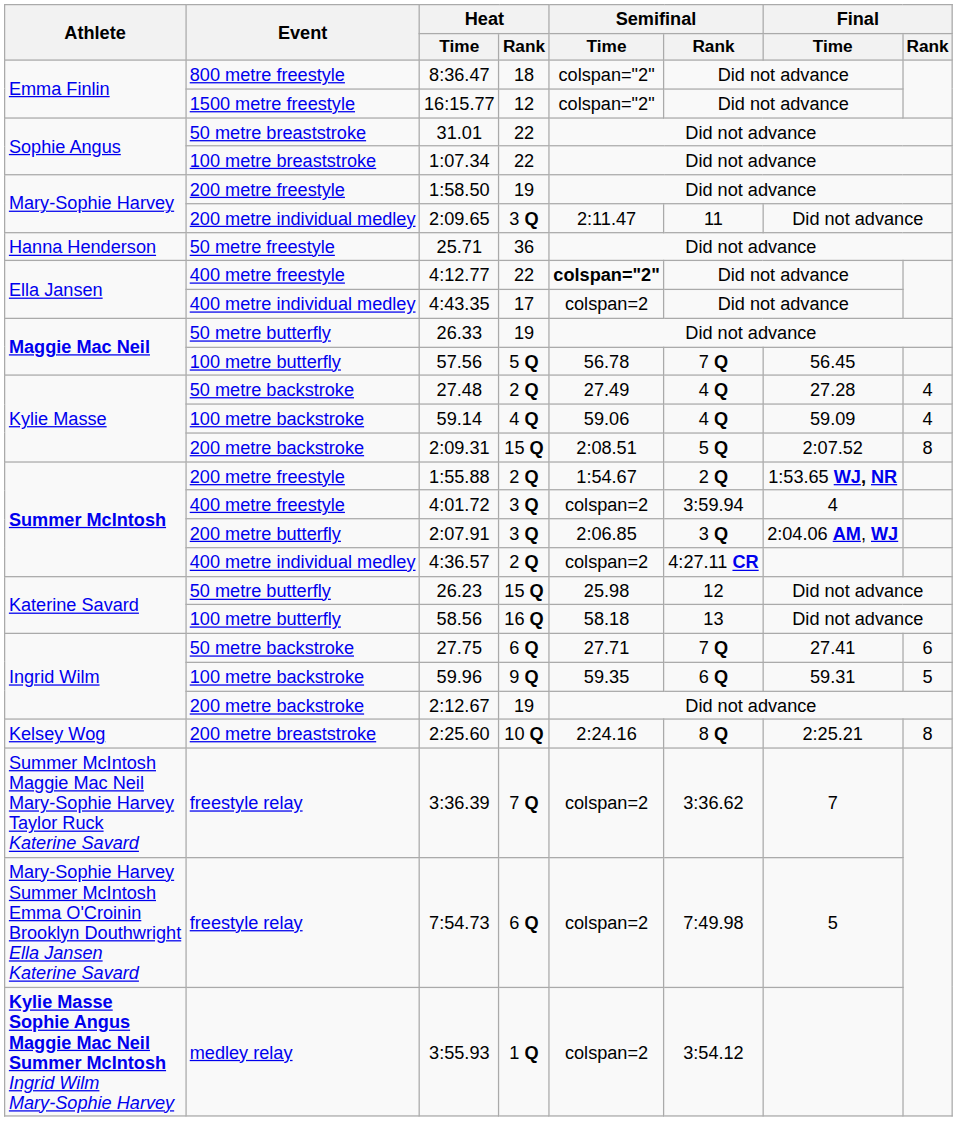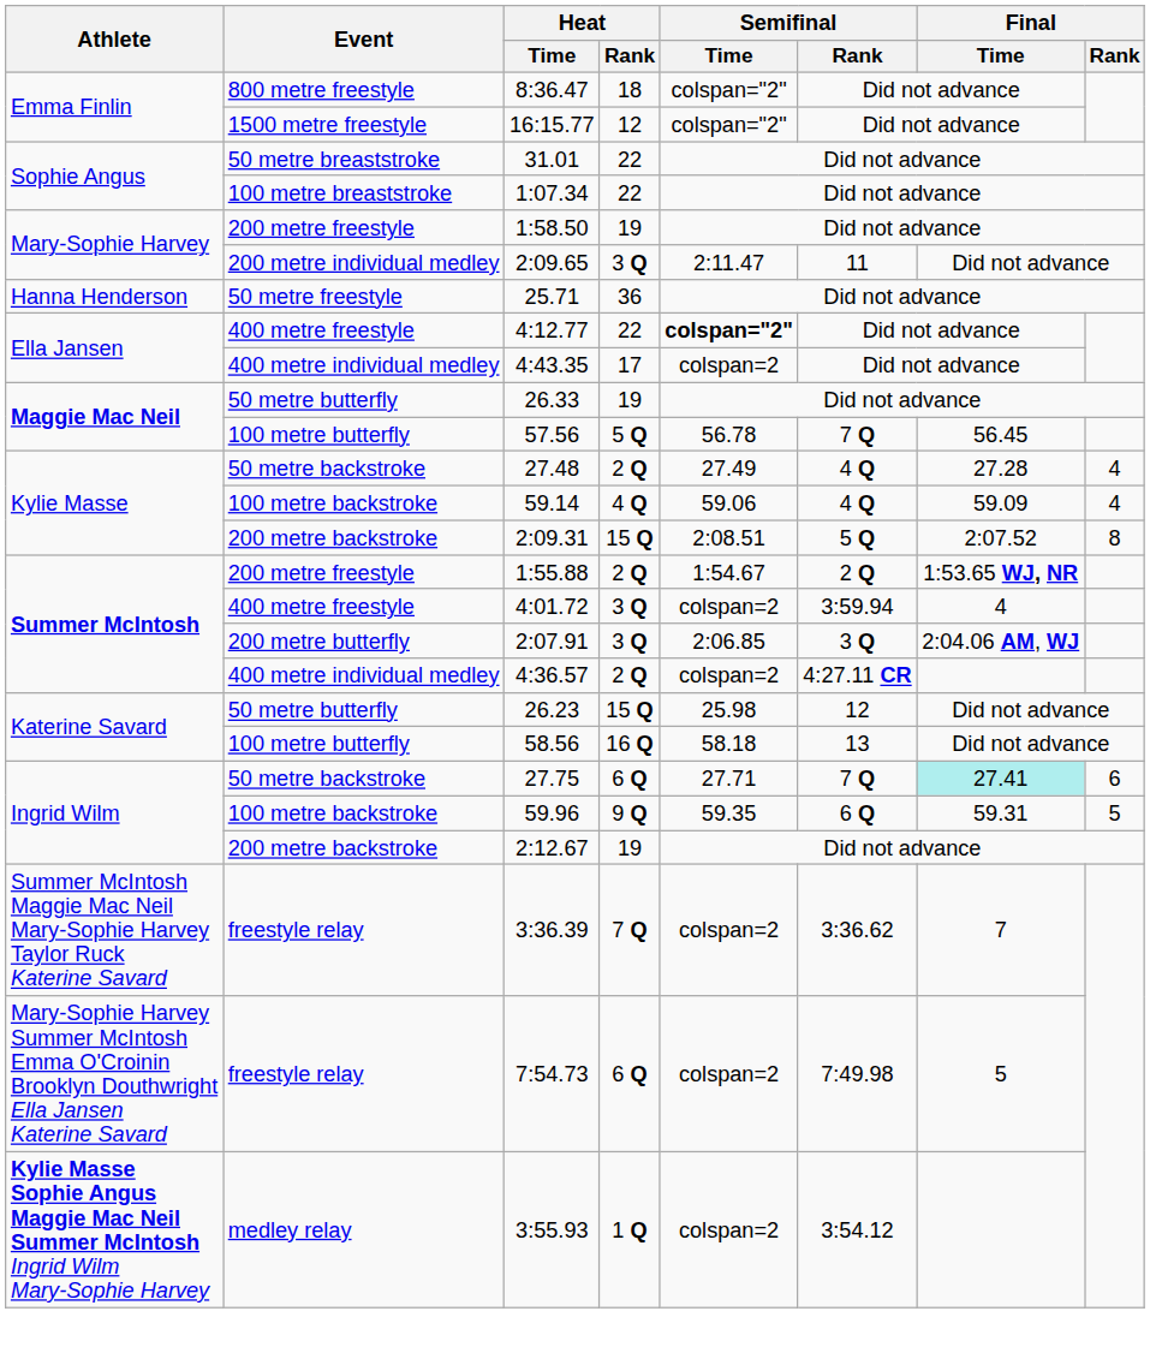 <table class="wikitable" style="text-align:center; font-size:90%">
 <tr>
 <th rowspan="2">Athlete</th>
 <th rowspan="2">Event</th>
 <th colspan="2">Heat</th>
 <th colspan="2">Semifinal</th>
 <th colspan="2">Final</th>
 </tr>
 <tr style="font-size:95%">
 <th>Time</th>
 <th>Rank</th>
 <th>Time</th>
 <th>Rank</th>
 <th>Time</th>
 <th>Rank</th>
 </tr>
 <tr>
 <td align=left rowspan=2><a href='#'>Emma Finlin</a></td>
 <td align=left><a href='#'>800 metre freestyle</a></td>
 <td>8:36.47</td>
 <td>18</td>
 <td>colspan="2" </td>
 <td colspan="2">Did not advance</td>
 </tr>
 <tr>
 <td align=left><a href='#'>1500 metre freestyle</a></td>
 <td>16:15.77</td>
 <td>12</td>
 <td>colspan="2" </td>
 <td colspan="2">Did not advance</td>
 </tr>
 <tr>
 <td rowspan="2" align="left"><a href='#'>Sophie Angus</a></td>
 <td align=left><a href='#'>50 metre breaststroke</a></td>
 <td>31.01</td>
 <td>22</td>
 <td colspan=4>Did not advance</td>
 </tr>
 <tr>
 <td align=left><a href='#'>100 metre breaststroke</a></td>
 <td>1:07.34</td>
 <td>22</td>
 <td colspan="4">Did not advance</td>
 </tr>
 <tr>
 <td align=left rowspan="2"><a href='#'>Mary-Sophie Harvey</a></td>
 <td align=left><a href='#'>200 metre freestyle</a></td>
 <td>1:58.50</td>
 <td>19</td>
 <td colspan=4>Did not advance</td>
 </tr>
 <tr>
 <td align=left><a href='#'>200 metre individual medley</a></td>
 <td>2:09.65</td>
 <td>3 <strong>Q</strong></td>
 <td>2:11.47</td>
 <td>11</td>
 <td colspan="2">Did not advance</td>
 </tr>
 <tr>
 <td align=left><a href='#'>Hanna Henderson</a></td>
 <td align=left><a href='#'>50 metre freestyle</a></td>
 <td>25.71</td>
 <td>36</td>
 <td colspan=4>Did not advance</td>
 </tr>
 <tr>
 <td align=left rowspan=2><a href='#'>Ella Jansen</a></td>
 <td align=left><a href='#'>400 metre freestyle</a></td>
 <td>4:12.77</td>
 <td>22</td>
 <td><strong>colspan="2" </strong></td>
 <td colspan="2">Did not advance</td>
 </tr>
 <tr>
 <td align=left><a href='#'>400 metre individual medley</a></td>
 <td>4:43.35</td>
 <td>17</td>
 <td>colspan=2 </td>
 <td colspan=2>Did not advance</td>
 </tr>
 <tr>
 <td align=left rowspan=2><strong><a href='#'>Maggie Mac Neil</a></strong></td>
 <td align=left><a href='#'>50 metre butterfly</a></td>
 <td>26.33</td>
 <td>19</td>
 <td colspan="4">Did not advance</td>
 </tr>
 <tr>
 <td align=left><a href='#'>100 metre butterfly</a></td>
 <td>57.56</td>
 <td>5 <strong>Q</strong></td>
 <td>56.78</td>
 <td>7 <strong>Q</strong></td>
 <td>56.45</td>
 <td></td>
 </tr>
 <tr>
 <td rowspan="3" align="left"><a href='#'>Kylie Masse</a></td>
 <td align=left><a href='#'>50 metre backstroke</a></td>
 <td>27.48</td>
 <td>2 <strong>Q</strong></td>
 <td>27.49</td>
 <td>4 <strong>Q</strong></td>
 <td>27.28</td>
 <td>4</td>
 </tr>
 <tr>
 <td align=left><a href='#'>100 metre backstroke</a></td>
 <td>59.14</td>
 <td>4 <strong>Q</strong></td>
 <td>59.06</td>
 <td>4 <strong>Q</strong></td>
 <td>59.09</td>
 <td>4</td>
 </tr>
 <tr>
 <td align=left><a href='#'>200 metre backstroke</a></td>
 <td>2:09.31</td>
 <td>15 <strong>Q</strong></td>
 <td>2:08.51</td>
 <td>5 <strong>Q</strong></td>
 <td>2:07.52</td>
 <td>8</td>
 </tr>
 <tr>
 <td align=left rowspan=4><strong><a href='#'>Summer McIntosh</a></strong></td>
 <td align=left><a href='#'>200 metre freestyle</a></td>
 <td>1:55.88</td>
 <td>2 <strong>Q</strong></td>
 <td>1:54.67</td>
 <td>2 <strong>Q</strong></td>
 <td>1:53.65 <strong><a href='#'>WJ</a>, <a href='#'>NR</a></strong></td>
 <td></td>
 </tr>
 <tr>
 <td align=left><a href='#'>400 metre freestyle</a></td>
 <td>4:01.72</td>
 <td>3 <strong>Q</strong></td>
 <td>colspan=2 </td>
 <td>3:59.94</td>
 <td>4</td>
 </tr>
 <tr>
 <td align=left><a href='#'>200 metre butterfly</a></td>
 <td>2:07.91</td>
 <td>3 <strong>Q</strong></td>
 <td>2:06.85</td>
 <td>3 <strong>Q</strong></td>
 <td>2:04.06 <strong><a href='#'>AM</a></strong>, <strong><a href='#'>WJ</a></strong></td>
 <td></td>
 </tr>
 <tr>
 <td align=left><a href='#'>400 metre individual medley</a></td>
 <td>4:36.57</td>
 <td>2 <strong>Q</strong></td>
 <td>colspan=2 </td>
 <td>4:27.11 <strong><a href='#'>CR</a></strong></td>
 <td></td>
 </tr>
 <tr>
 <td rowspan="2" align="left"><a href='#'>Katerine Savard</a></td>
 <td align=left><a href='#'>50 metre butterfly</a></td>
 <td>26.23</td>
 <td>15 <strong>Q</strong></td>
 <td>25.98</td>
 <td>12</td>
 <td colspan="2">Did not advance</td>
 </tr>
 <tr>
 <td align=left><a href='#'>100 metre butterfly</a></td>
 <td>58.56</td>
 <td>16 <strong>Q</strong></td>
 <td>58.18</td>
 <td>13</td>
 <td colspan="2">Did not advance</td>
 </tr>
 <tr>
 <td rowspan="3" align="left"><a href='#'>Ingrid Wilm</a></td>
 <td align=left><a href='#'>50 metre backstroke</a></td>
 <td>27.75</td>
 <td>6 <strong>Q</strong></td>
 <td>27.71</td>
 <td>7 <strong>Q</strong></td>
-<td>27.41</td>
+<td style="background: paleturquoise;">27.41</td>
 <td>6</td>
 </tr>
 <tr>
 <td align=left><a href='#'>100 metre backstroke</a></td>
 <td>59.96</td>
 <td>9 <strong>Q</strong></td>
 <td>59.35</td>
 <td>6 <strong>Q</strong></td>
 <td>59.31</td>
 <td>5</td>
 </tr>
 <tr>
 <td align=left><a href='#'>200 metre backstroke</a></td>
 <td>2:12.67</td>
 <td>19</td>
 <td colspan=4>Did not advance</td>
-</tr>
-<tr>
-<td align=left><a href='#'>Kelsey Wog</a></td>
-<td align=left><a href='#'>200 metre breaststroke</a></td>
-<td>2:25.60</td>
-<td>10 <strong>Q</strong></td>
-<td>2:24.16</td>
-<td>8 <strong>Q</strong></td>
-<td>2:25.21</td>
-<td>8</td>
 </tr>
 <tr align=center>
 <td align=left><a href='#'>Summer McIntosh</a><br> <a href='#'>Maggie Mac Neil</a><br> <a href='#'>Mary-Sophie Harvey</a><br> <a href='#'>Taylor Ruck</a><br><em><a href='#'>Katerine Savard</a></em></td>
 <td align=left><a href='#'> freestyle relay</a></td>
 <td>3:36.39</td>
 <td>7 <strong>Q</strong></td>
 <td>colspan=2 </td>
 <td>3:36.62</td>
 <td>7</td>
 </tr>
 <tr>
 <td align=left><a href='#'>Mary-Sophie Harvey</a> <br><a href='#'>Summer McIntosh</a> <br><a href='#'>Emma O'Croinin</a> <br><a href='#'>Brooklyn Douthwright</a><br><em><a href='#'>Ella Jansen</a><br><a href='#'>Katerine Savard</a></em></td>
 <td align=left><a href='#'> freestyle relay</a></td>
 <td>7:54.73</td>
 <td>6 <strong>Q</strong></td>
 <td>colspan=2 </td>
 <td>7:49.98</td>
 <td>5</td>
 </tr>
 <tr>
 <td align=left><strong><a href='#'>Kylie Masse</a><br><a href='#'>Sophie Angus</a><br><a href='#'>Maggie Mac Neil</a><br><a href='#'>Summer McIntosh</a></strong><br><em><a href='#'>Ingrid Wilm</a><br><a href='#'>Mary-Sophie Harvey</a></em></td>
 <td align=left><a href='#'> medley relay</a></td>
 <td>3:55.93</td>
 <td>1 <strong>Q</strong></td>
 <td>colspan=2 </td>
 <td>3:54.12</td>
 <td></td>
 </tr>
 </table>
